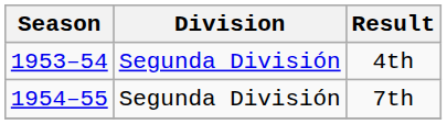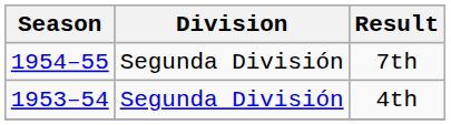 <table class="wikitable" style="text-align: center;">
 <tr>
 <th>Season</th>
 <th>Division</th>
 <th>Result</th>
 </tr>
 <tr>
+<td><a href='#'>1954–55</a></td>
+<td>Segunda División</td>
+<td>7th</td>
+</tr>
+<tr>
 <td><a href='#'>1953–54</a></td>
 <td><a href='#'>Segunda División</a></td>
 <td>4th</td>
 </tr>
 <tr>
-<td><a href='#'>1954–55</a></td>
-<td>Segunda División</td>
-<td>7th</td>
-</tr>
-<tr>
 </tr>
 </table>
